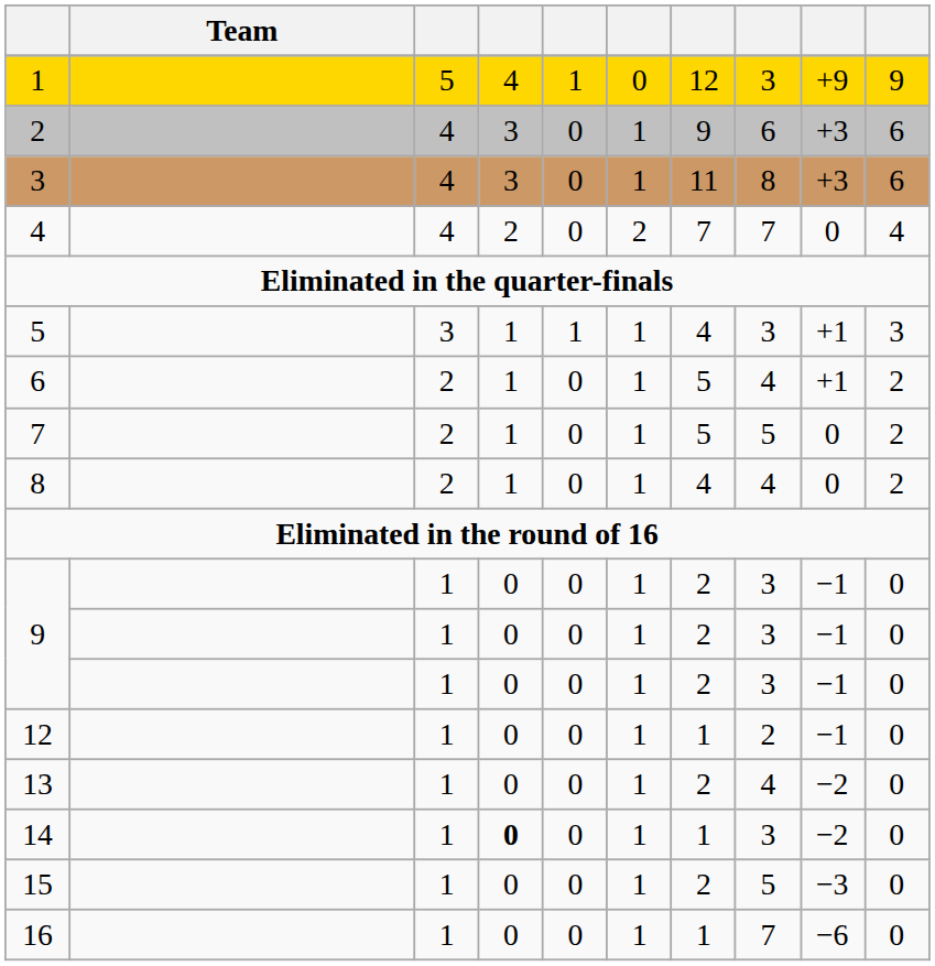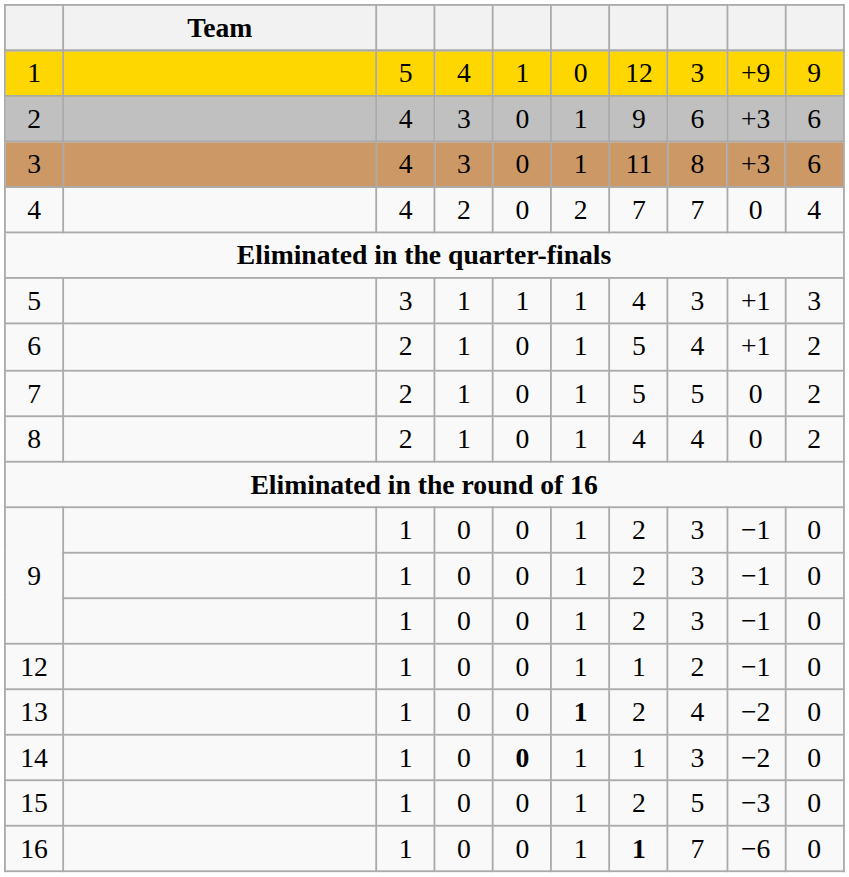 <table class="wikitable" style="font-size: 95%; text-align: center;">
 <tr>
 <th width=25></th>
 <th width=165>Team</th>
 <th width=25></th>
 <th width=25></th>
 <th width=25></th>
 <th width=25></th>
 <th width=25></th>
 <th width=25></th>
 <th width=25></th>
 <th width=25></th>
 </tr>
 <tr>
 </tr>
 <tr style="background:gold;">
 <td>1</td>
 <td style="text-align:left;"></td>
 <td>5</td>
 <td>4</td>
 <td>1</td>
 <td>0</td>
 <td>12</td>
 <td>3</td>
 <td>+9</td>
 <td>9</td>
 </tr>
 <tr style="background:silver;">
 <td>2</td>
 <td style="text-align:left;"></td>
 <td>4</td>
 <td>3</td>
 <td>0</td>
 <td>1</td>
 <td>9</td>
 <td>6</td>
 <td>+3</td>
 <td>6</td>
 </tr>
 <tr style="background:#c96;">
 <td>3</td>
 <td style="text-align:left;"></td>
 <td>4</td>
 <td>3</td>
 <td>0</td>
 <td>1</td>
 <td>11</td>
 <td>8</td>
 <td>+3</td>
 <td>6</td>
 </tr>
 <tr>
 <td>4</td>
 <td style="text-align:left;"></td>
 <td>4</td>
 <td>2</td>
 <td>0</td>
 <td>2</td>
 <td>7</td>
 <td>7</td>
 <td>0</td>
 <td>4</td>
 </tr>
 <tr>
 <td colspan="11"><strong>Eliminated in the quarter-finals</strong></td>
 </tr>
 <tr>
 <td>5</td>
 <td style="text-align:left;"></td>
 <td>3</td>
 <td>1</td>
 <td>1</td>
 <td>1</td>
 <td>4</td>
 <td>3</td>
 <td>+1</td>
 <td>3</td>
 </tr>
 <tr>
 <td>6</td>
 <td style="text-align:left;"></td>
 <td>2</td>
 <td>1</td>
 <td>0</td>
 <td>1</td>
 <td>5</td>
 <td>4</td>
 <td>+1</td>
 <td>2</td>
 </tr>
 <tr>
 <td>7</td>
 <td style="text-align:left;"></td>
 <td>2</td>
 <td>1</td>
 <td>0</td>
 <td>1</td>
 <td>5</td>
 <td>5</td>
 <td>0</td>
 <td>2</td>
 </tr>
 <tr>
 <td>8</td>
 <td style="text-align:left;"></td>
 <td>2</td>
 <td>1</td>
 <td>0</td>
 <td>1</td>
 <td>4</td>
 <td>4</td>
 <td>0</td>
 <td>2</td>
 </tr>
 <tr>
 <td colspan="11"><strong>Eliminated in the round of 16</strong></td>
 </tr>
 <tr>
 <td rowspan="3">9</td>
 <td style="text-align:left;"></td>
 <td>1</td>
 <td>0</td>
 <td>0</td>
 <td>1</td>
 <td>2</td>
 <td>3</td>
 <td>−1</td>
 <td>0</td>
 </tr>
 <tr>
 <td style="text-align:left;"></td>
 <td>1</td>
 <td>0</td>
 <td>0</td>
 <td>1</td>
 <td>2</td>
 <td>3</td>
 <td>−1</td>
 <td>0</td>
 </tr>
 <tr>
 <td style="text-align:left;"></td>
 <td>1</td>
 <td>0</td>
 <td>0</td>
 <td>1</td>
 <td>2</td>
 <td>3</td>
 <td>−1</td>
 <td>0</td>
 </tr>
 <tr>
 <td>12</td>
 <td style="text-align:left;"></td>
 <td>1</td>
 <td>0</td>
 <td>0</td>
 <td>1</td>
 <td>1</td>
 <td>2</td>
 <td>−1</td>
 <td>0</td>
 </tr>
 <tr>
 <td>13</td>
 <td style="text-align:left;"></td>
 <td>1</td>
 <td>0</td>
 <td>0</td>
-<td>1</td>
+<td><strong>1</strong></td>
 <td>2</td>
 <td>4</td>
 <td>−2</td>
 <td>0</td>
 </tr>
 <tr>
 <td>14</td>
 <td style="text-align:left;"></td>
 <td>1</td>
+<td>0</td>
 <td><strong>0</strong></td>
-<td>0</td>
 <td>1</td>
 <td>1</td>
 <td>3</td>
 <td>−2</td>
 <td>0</td>
 </tr>
 <tr>
 <td>15</td>
 <td style="text-align:left;"></td>
 <td>1</td>
 <td>0</td>
 <td>0</td>
 <td>1</td>
 <td>2</td>
 <td>5</td>
 <td>−3</td>
 <td>0</td>
 </tr>
 <tr>
 <td>16</td>
 <td style="text-align:left;"></td>
 <td>1</td>
 <td>0</td>
 <td>0</td>
 <td>1</td>
-<td>1</td>
+<td><strong>1</strong></td>
 <td>7</td>
 <td>−6</td>
 <td>0</td>
 </tr>
 </table>
